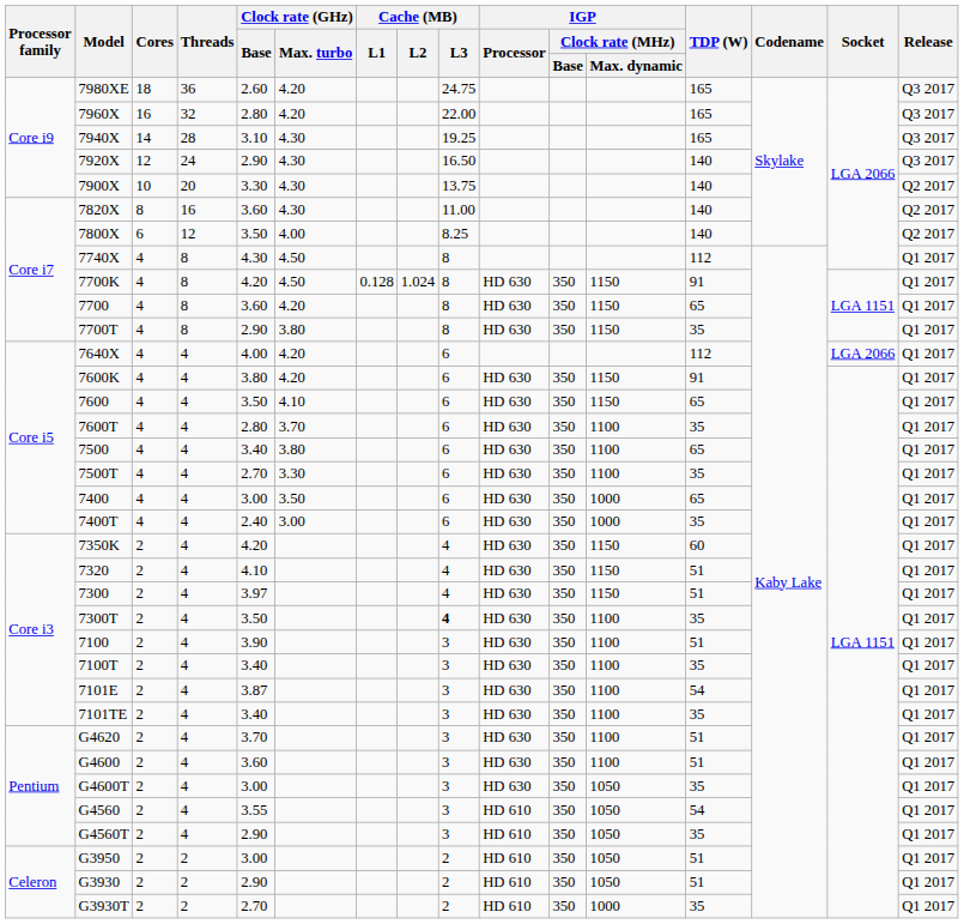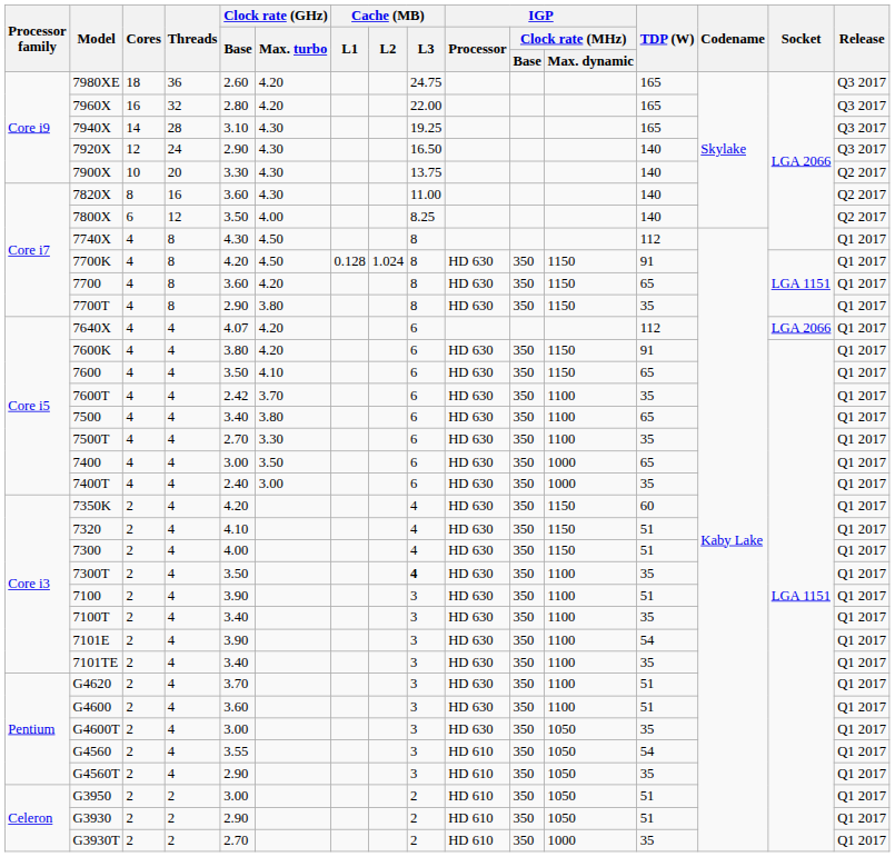 <table class="wikitable center sortable sort-under mw-collapsible">
 <tr>
 <th rowspan=3 data-sort-type=text>Processor <br>family</th>
 <th rowspan=3 data-sort-type=text>Model</th>
 <th rowspan=3 data-sort-type=number>Cores</th>
 <th rowspan=3 data-sort-type=number>Threads</th>
 <th colspan=2><a href='#'>Clock rate</a> (GHz)</th>
 <th colspan=3><a href='#'> Cache</a> (MB)</th>
 <th colspan=3><a href='#'> IGP</a></th>
 <th rowspan=3 data-sort-type=number><a href='#'> TDP</a> (W)</th>
 <th rowspan=3 data-sort-type=text>Code­name</th>
 <th rowspan=3 data-sort-type=text>Socket</th>
 <th rowspan=3 data-sort-type=date>Release</th>
 </tr>
 <tr>
 <th rowspan=2 data-sort-type=number>Base</th>
 <th rowspan=2 data-sort-type=number>Max. <a href='#'> turbo</a></th>
 <th rowspan=2 data-sort-type=number>L1</th>
 <th rowspan=2 data-sort-type=number>L2</th>
 <th rowspan=2 data-sort-type=number>L3</th>
 <th rowspan=2 data-sort-type=text>Processor</th>
 <th colspan=2><a href='#'>Clock rate</a> (MHz)</th>
 </tr>
 <tr>
 <th data-sort-type=number>Base</th>
 <th data-sort-type=number>Max. dynamic</th>
 </tr>
 <tr>
 <td rowspan="5"><a href='#'>Core i9</a></td>
 <td>7980XE</td>
 <td>18</td>
 <td>36</td>
 <td>2.60</td>
 <td>4.20</td>
 <td></td>
 <td></td>
 <td>24.75</td>
 <td></td>
 <td></td>
 <td></td>
 <td>165</td>
 <td rowspan="7"><a href='#'> Skylake</a></td>
 <td rowspan="8"><a href='#'>LGA 2066</a></td>
 <td>Q3 2017</td>
 </tr>
 <tr>
 <td>7960X</td>
 <td>16</td>
 <td>32</td>
 <td>2.80</td>
 <td>4.20</td>
 <td></td>
 <td></td>
 <td>22.00</td>
 <td></td>
 <td></td>
 <td></td>
 <td>165</td>
 <td>Q3 2017</td>
 </tr>
 <tr>
 <td>7940X</td>
 <td>14</td>
 <td>28</td>
 <td>3.10</td>
 <td>4.30</td>
 <td></td>
 <td></td>
 <td>19.25</td>
 <td></td>
 <td></td>
 <td></td>
 <td>165</td>
 <td>Q3 2017</td>
 </tr>
 <tr>
 <td>7920X</td>
 <td>12</td>
 <td>24</td>
 <td>2.90</td>
 <td>4.30</td>
 <td></td>
 <td></td>
 <td>16.50</td>
 <td></td>
 <td></td>
 <td></td>
 <td>140</td>
 <td>Q3 2017</td>
 </tr>
 <tr>
 <td>7900X</td>
 <td>10</td>
 <td>20</td>
 <td>3.30</td>
 <td>4.30</td>
 <td></td>
 <td></td>
 <td>13.75</td>
 <td></td>
 <td></td>
 <td></td>
 <td>140</td>
 <td>Q2 2017</td>
 </tr>
 <tr>
 <td rowspan="6"><a href='#'>Core i7</a></td>
 <td>7820X</td>
 <td>8</td>
 <td>16</td>
 <td>3.60</td>
 <td>4.30</td>
 <td></td>
 <td></td>
 <td>11.00</td>
 <td></td>
 <td></td>
 <td></td>
 <td>140</td>
 <td>Q2 2017</td>
 </tr>
 <tr>
 <td>7800X</td>
 <td>6</td>
 <td>12</td>
 <td>3.50</td>
 <td>4.00</td>
 <td></td>
 <td></td>
 <td>8.25</td>
 <td></td>
 <td></td>
 <td></td>
 <td>140</td>
 <td>Q2 2017</td>
 </tr>
 <tr>
 <td>7740X</td>
 <td>4</td>
 <td>8</td>
 <td>4.30</td>
 <td>4.50</td>
 <td></td>
 <td></td>
 <td>8</td>
 <td></td>
 <td></td>
 <td></td>
 <td>112</td>
 <td rowspan="28"><a href='#'>Kaby Lake</a></td>
 <td>Q1 2017</td>
 </tr>
 <tr>
 <td>7700K</td>
 <td>4</td>
 <td>8</td>
 <td>4.20</td>
 <td>4.50</td>
 <td>0.128</td>
 <td>1.024</td>
 <td>8</td>
 <td>HD 630</td>
 <td>350</td>
 <td>1150</td>
 <td>91</td>
 <td rowspan="3"><a href='#'>LGA 1151</a></td>
 <td>Q1 2017</td>
 </tr>
 <tr>
 <td>7700</td>
 <td>4</td>
 <td>8</td>
 <td>3.60</td>
 <td>4.20</td>
 <td></td>
 <td></td>
 <td>8</td>
 <td>HD 630</td>
 <td>350</td>
 <td>1150</td>
 <td>65</td>
 <td>Q1 2017</td>
 </tr>
 <tr>
 <td>7700T</td>
 <td>4</td>
 <td>8</td>
 <td>2.90</td>
 <td>3.80</td>
 <td></td>
 <td></td>
 <td>8</td>
 <td>HD 630</td>
 <td>350</td>
 <td>1150</td>
 <td>35</td>
 <td>Q1 2017</td>
 </tr>
 <tr>
 <td rowspan="8"><a href='#'>Core i5</a></td>
 <td>7640X</td>
 <td>4</td>
 <td>4</td>
-<td>4.00</td>
+<td>4.07</td>
 <td>4.20</td>
 <td></td>
 <td></td>
 <td>6</td>
 <td></td>
 <td></td>
 <td></td>
 <td>112</td>
 <td><a href='#'>LGA 2066</a></td>
 <td>Q1 2017</td>
 </tr>
 <tr>
 <td>7600K</td>
 <td>4</td>
 <td>4</td>
 <td>3.80</td>
 <td>4.20</td>
 <td></td>
 <td></td>
 <td>6</td>
 <td>HD 630</td>
 <td>350</td>
 <td>1150</td>
 <td>91</td>
 <td rowspan="23"><a href='#'>LGA 1151</a></td>
 <td>Q1 2017</td>
 </tr>
 <tr>
 <td>7600</td>
 <td>4</td>
 <td>4</td>
 <td>3.50</td>
 <td>4.10</td>
 <td></td>
 <td></td>
 <td>6</td>
 <td>HD 630</td>
 <td>350</td>
 <td>1150</td>
 <td>65</td>
 <td>Q1 2017</td>
 </tr>
 <tr>
 <td>7600T</td>
 <td>4</td>
 <td>4</td>
-<td>2.80</td>
+<td>2.42</td>
 <td>3.70</td>
 <td></td>
 <td></td>
 <td>6</td>
 <td>HD 630</td>
 <td>350</td>
 <td>1100</td>
 <td>35</td>
 <td>Q1 2017</td>
 </tr>
 <tr>
 <td>7500</td>
 <td>4</td>
 <td>4</td>
 <td>3.40</td>
 <td>3.80</td>
 <td></td>
 <td></td>
 <td>6</td>
 <td>HD 630</td>
 <td>350</td>
 <td>1100</td>
 <td>65</td>
 <td>Q1 2017</td>
 </tr>
 <tr>
 <td>7500T</td>
 <td>4</td>
 <td>4</td>
 <td>2.70</td>
 <td>3.30</td>
 <td></td>
 <td></td>
 <td>6</td>
 <td>HD 630</td>
 <td>350</td>
 <td>1100</td>
 <td>35</td>
 <td>Q1 2017</td>
 </tr>
 <tr>
 <td>7400</td>
 <td>4</td>
 <td>4</td>
 <td>3.00</td>
 <td>3.50</td>
 <td></td>
 <td></td>
 <td>6</td>
 <td>HD 630</td>
 <td>350</td>
 <td>1000</td>
 <td>65</td>
 <td>Q1 2017</td>
 </tr>
 <tr>
 <td>7400T</td>
 <td>4</td>
 <td>4</td>
 <td>2.40</td>
 <td>3.00</td>
 <td></td>
 <td></td>
 <td>6</td>
 <td>HD 630</td>
 <td>350</td>
 <td>1000</td>
 <td>35</td>
 <td>Q1 2017</td>
 </tr>
 <tr>
 <td rowspan="8"><a href='#'>Core i3</a></td>
 <td>7350K</td>
 <td>2</td>
 <td>4</td>
 <td>4.20</td>
 <td></td>
 <td></td>
 <td></td>
 <td>4</td>
 <td>HD 630</td>
 <td>350</td>
 <td>1150</td>
 <td>60</td>
 <td>Q1 2017</td>
 </tr>
 <tr>
 <td>7320</td>
 <td>2</td>
 <td>4</td>
 <td>4.10</td>
 <td></td>
 <td></td>
 <td></td>
 <td>4</td>
 <td>HD 630</td>
 <td>350</td>
 <td>1150</td>
 <td>51</td>
 <td>Q1 2017</td>
 </tr>
 <tr>
 <td>7300</td>
 <td>2</td>
 <td>4</td>
-<td>3.97</td>
+<td>4.00</td>
 <td></td>
 <td></td>
 <td></td>
 <td>4</td>
 <td>HD 630</td>
 <td>350</td>
 <td>1150</td>
 <td>51</td>
 <td>Q1 2017</td>
 </tr>
 <tr>
 <td>7300T</td>
 <td>2</td>
 <td>4</td>
 <td>3.50</td>
 <td></td>
 <td></td>
 <td></td>
 <td><strong>4</strong></td>
 <td>HD 630</td>
 <td>350</td>
 <td>1100</td>
 <td>35</td>
 <td>Q1 2017</td>
 </tr>
 <tr>
 <td>7100</td>
 <td>2</td>
 <td>4</td>
 <td>3.90</td>
 <td></td>
 <td></td>
 <td></td>
 <td>3</td>
 <td>HD 630</td>
 <td>350</td>
 <td>1100</td>
 <td>51</td>
 <td>Q1 2017</td>
 </tr>
 <tr>
 <td>7100T</td>
 <td>2</td>
 <td>4</td>
 <td>3.40</td>
 <td></td>
 <td></td>
 <td></td>
 <td>3</td>
 <td>HD 630</td>
 <td>350</td>
 <td>1100</td>
 <td>35</td>
 <td>Q1 2017</td>
 </tr>
 <tr>
 <td>7101E</td>
 <td>2</td>
 <td>4</td>
-<td>3.87</td>
+<td>3.90</td>
 <td></td>
 <td></td>
 <td></td>
 <td>3</td>
 <td>HD 630</td>
 <td>350</td>
 <td>1100</td>
 <td>54</td>
 <td>Q1 2017</td>
 </tr>
 <tr>
 <td>7101TE</td>
 <td>2</td>
 <td>4</td>
 <td>3.40</td>
 <td></td>
 <td></td>
 <td></td>
 <td>3</td>
 <td>HD 630</td>
 <td>350</td>
 <td>1100</td>
 <td>35</td>
 <td>Q1 2017</td>
 </tr>
 <tr>
 <td rowspan="5"><a href='#'>Pentium</a></td>
 <td>G4620</td>
 <td>2</td>
 <td>4</td>
 <td>3.70</td>
 <td></td>
 <td></td>
 <td></td>
 <td>3</td>
 <td>HD 630</td>
 <td>350</td>
 <td>1100</td>
 <td>51</td>
 <td>Q1 2017</td>
 </tr>
 <tr>
 <td>G4600</td>
 <td>2</td>
 <td>4</td>
 <td>3.60</td>
 <td></td>
 <td></td>
 <td></td>
 <td>3</td>
 <td>HD 630</td>
 <td>350</td>
 <td>1100</td>
 <td>51</td>
 <td>Q1 2017</td>
 </tr>
 <tr>
 <td>G4600T</td>
 <td>2</td>
 <td>4</td>
 <td>3.00</td>
 <td></td>
 <td></td>
 <td></td>
 <td>3</td>
 <td>HD 630</td>
 <td>350</td>
 <td>1050</td>
 <td>35</td>
 <td>Q1 2017</td>
 </tr>
 <tr>
 <td>G4560</td>
 <td>2</td>
 <td>4</td>
 <td>3.55</td>
 <td></td>
 <td></td>
 <td></td>
 <td>3</td>
 <td>HD 610</td>
 <td>350</td>
 <td>1050</td>
 <td>54</td>
 <td>Q1 2017</td>
 </tr>
 <tr>
 <td>G4560T</td>
 <td>2</td>
 <td>4</td>
 <td>2.90</td>
 <td></td>
 <td></td>
 <td></td>
 <td>3</td>
 <td>HD 610</td>
 <td>350</td>
 <td>1050</td>
 <td>35</td>
 <td>Q1 2017</td>
 </tr>
 <tr>
 <td rowspan="3"><a href='#'>Celeron</a></td>
 <td>G3950</td>
 <td>2</td>
 <td>2</td>
 <td>3.00</td>
 <td></td>
 <td></td>
 <td></td>
 <td>2</td>
 <td>HD 610</td>
 <td>350</td>
 <td>1050</td>
 <td>51</td>
 <td>Q1 2017</td>
 </tr>
 <tr>
 <td>G3930</td>
 <td>2</td>
 <td>2</td>
 <td>2.90</td>
 <td></td>
 <td></td>
 <td></td>
 <td>2</td>
 <td>HD 610</td>
 <td>350</td>
 <td>1050</td>
 <td>51</td>
 <td>Q1 2017</td>
 </tr>
 <tr>
 <td>G3930T</td>
 <td>2</td>
 <td>2</td>
 <td>2.70</td>
 <td></td>
 <td></td>
 <td></td>
 <td>2</td>
 <td>HD 610</td>
 <td>350</td>
 <td>1000</td>
 <td>35</td>
 <td>Q1 2017</td>
 </tr>
 </table>
